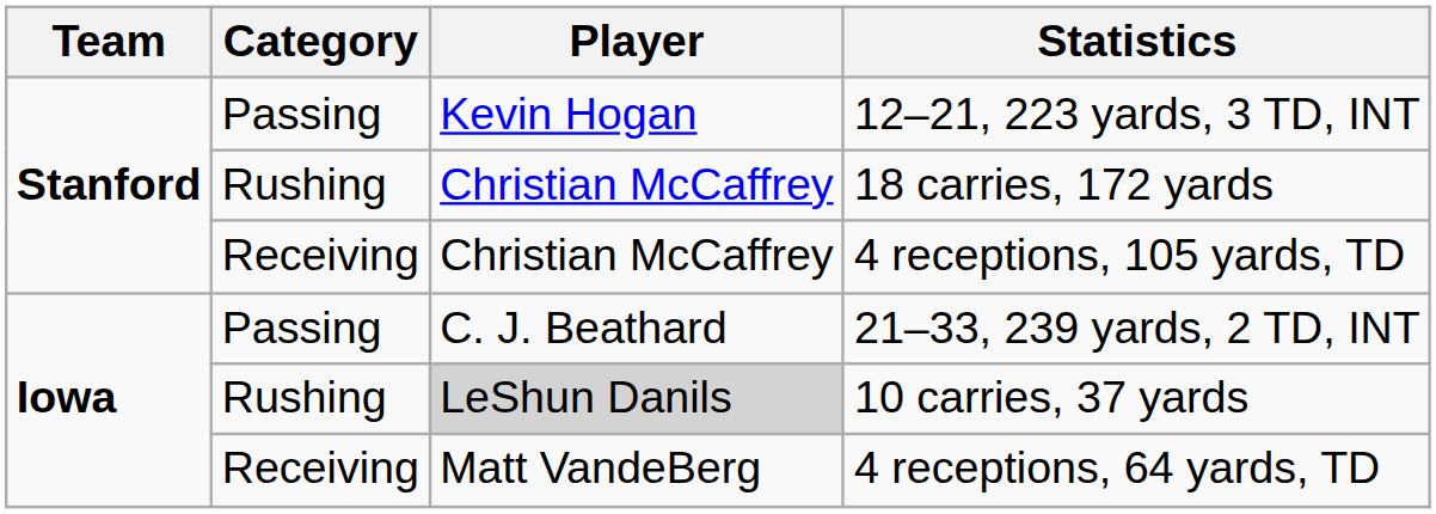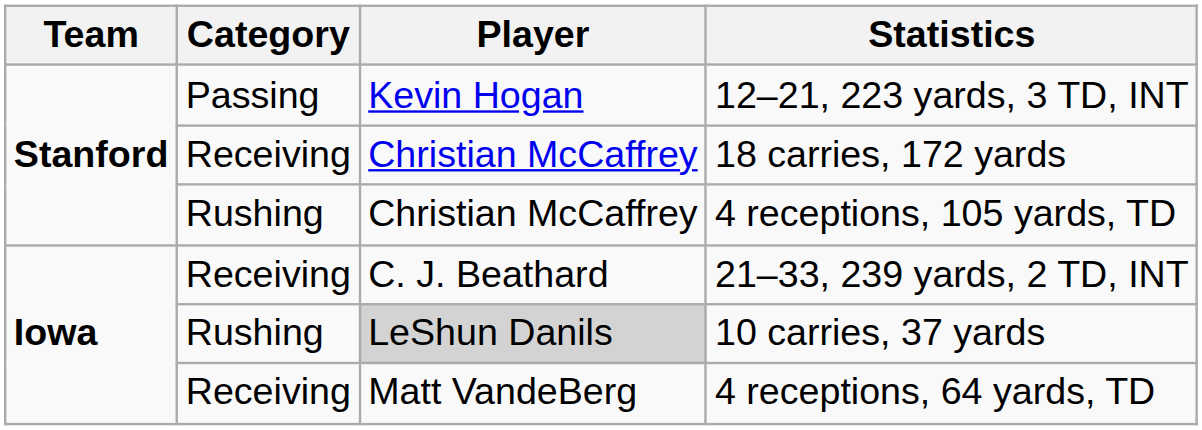 <table class="wikitable" style="float: left;">
 <tr>
 <th>Team</th>
 <th>Category</th>
 <th>Player</th>
 <th>Statistics</th>
 </tr>
 <tr>
 <td rowspan=3><strong>Stanford</strong></td>
 <td>Passing</td>
 <td><a href='#'>Kevin Hogan</a></td>
 <td>12–21, 223 yards, 3 TD, INT</td>
 </tr>
 <tr>
-<td>Rushing</td>
+<td>Receiving</td>
 <td><a href='#'>Christian McCaffrey</a></td>
 <td>18 carries, 172 yards</td>
 </tr>
 <tr>
-<td>Receiving</td>
+<td>Rushing</td>
 <td>Christian McCaffrey</td>
 <td>4 receptions, 105 yards, TD</td>
 </tr>
 <tr>
 <td rowspan=3><strong>Iowa</strong></td>
-<td>Passing</td>
+<td>Receiving</td>
 <td>C. J. Beathard</td>
 <td>21–33, 239 yards, 2 TD, INT</td>
 </tr>
 <tr>
 <td>Rushing</td>
 <td style="background: lightgrey;">LeShun Danils</td>
 <td>10 carries, 37 yards</td>
 </tr>
 <tr>
 <td>Receiving</td>
 <td>Matt VandeBerg</td>
 <td>4 receptions, 64 yards, TD</td>
 </tr>
 </table>
